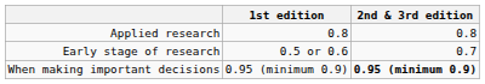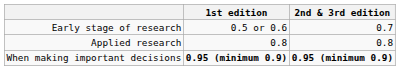 <table class="wikitable" style="text-align: right;">
 <tr>
 <th></th>
 <th>1st edition</th>
 <th>2nd & 3rd edition</th>
 </tr>
 <tr>
+<td>Early stage of research</td>
+<td>0.5 or 0.6</td>
+<td>0.7</td>
+</tr>
+<tr>
 <td>Applied research</td>
 <td>0.8</td>
 <td>0.8</td>
 </tr>
 <tr>
-<td>Early stage of research</td>
-<td>0.5 or 0.6</td>
-<td>0.7</td>
-</tr>
-<tr>
 <td>When making important decisions</td>
-<td>0.95 (minimum 0.9)</td>
+<td><strong>0.95 (minimum 0.9)</strong></td>
 <td><strong>0.95 (minimum 0.9)</strong></td>
 </tr>
 </table>
